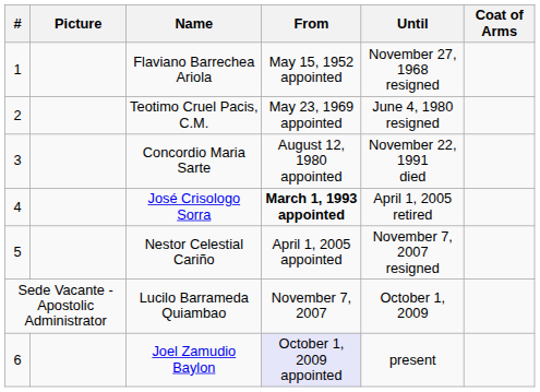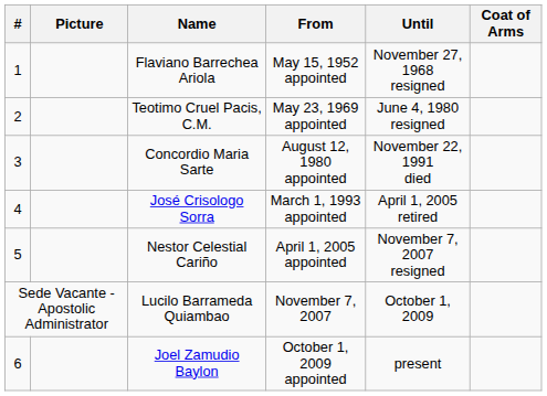 <table class="wikitable">
 <tr>
 <th>#</th>
 <th>Picture</th>
 <th>Name</th>
 <th>From</th>
 <th>Until</th>
 <th>Coat of Arms</th>
 </tr>
 <tr>
 <td align="center">1</td>
 <td></td>
 <td align="center">Flaviano Barrechea Ariola</td>
 <td align="center">May 15, 1952 <br> appointed</td>
 <td align="center">November 27, 1968 <br>resigned</td>
 <td></td>
 </tr>
 <tr>
 <td align="center">2</td>
 <td></td>
 <td align="center">Teotimo Cruel Pacis, C.M.</td>
 <td align="center">May 23, 1969 <br> appointed</td>
 <td align="center">June 4, 1980 <br>resigned</td>
 <td></td>
 </tr>
 <tr>
 <td align="center">3</td>
 <td></td>
 <td align="center">Concordio Maria Sarte</td>
 <td align="center">August 12, 1980 <br> appointed</td>
 <td align="center">November 22, 1991 <br>died</td>
 <td></td>
 </tr>
 <tr>
 <td align="center">4</td>
 <td></td>
 <td align="center"><a href='#'>José Crisologo Sorra</a></td>
-<td align="center"><strong>March 1, 1993 <br> appointed</strong></td>
+<td align="center">March 1, 1993 <br> appointed</td>
 <td align="center">April 1, 2005 <br>retired</td>
 <td></td>
 </tr>
 <tr>
 <td align="center">5</td>
 <td></td>
 <td align="center">Nestor Celestial Cariño</td>
 <td align="center">April 1, 2005 <br> appointed</td>
 <td align="center">November 7, 2007 <br>resigned</td>
 <td></td>
 </tr>
 <tr>
 <td colspan="2" align="center">Sede Vacante -<br>Apostolic Administrator</td>
 <td align="center">Lucilo Barrameda Quiambao</td>
 <td align="center">November 7, 2007</td>
 <td align="center">October 1, 2009</td>
 <td></td>
 </tr>
 <tr>
 <td align="center">6</td>
 <td></td>
 <td align="center"><a href='#'>Joel Zamudio Baylon</a></td>
-<td align="center" style="background: lavender;">October 1, 2009 <br> appointed</td>
+<td align="center">October 1, 2009 <br> appointed</td>
 <td align="center">present</td>
 <td></td>
 </tr>
 </table>
